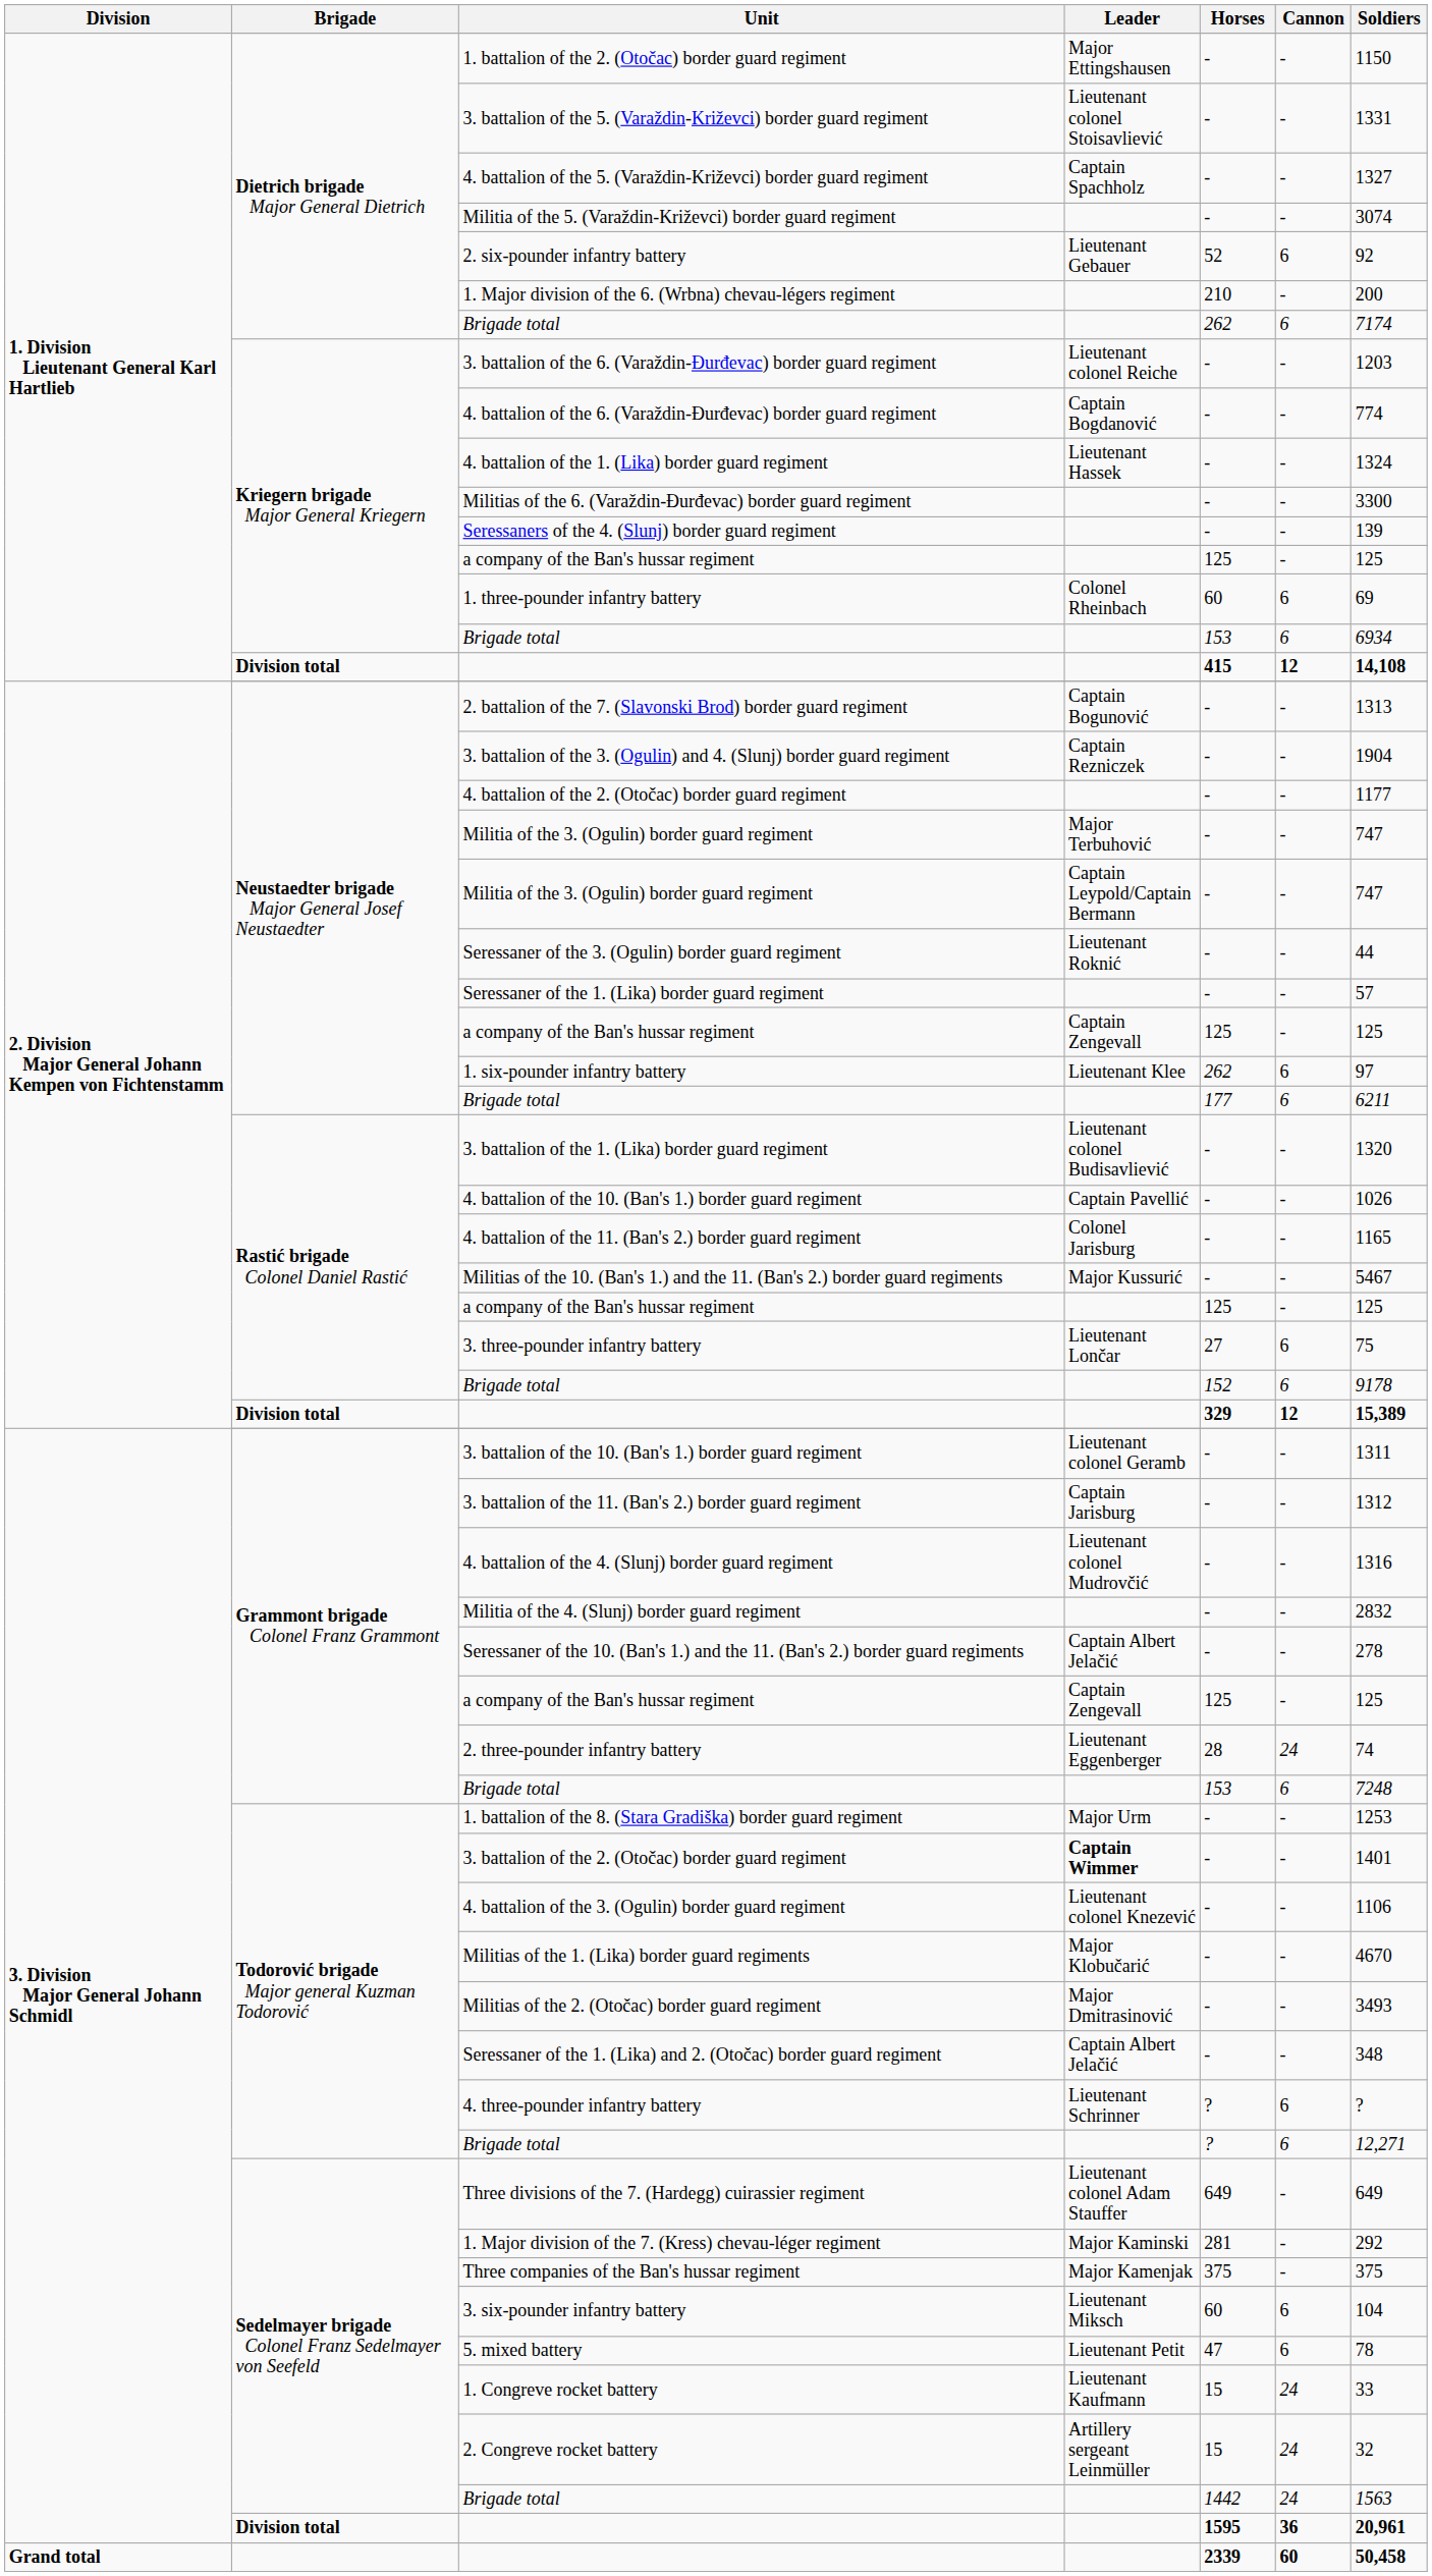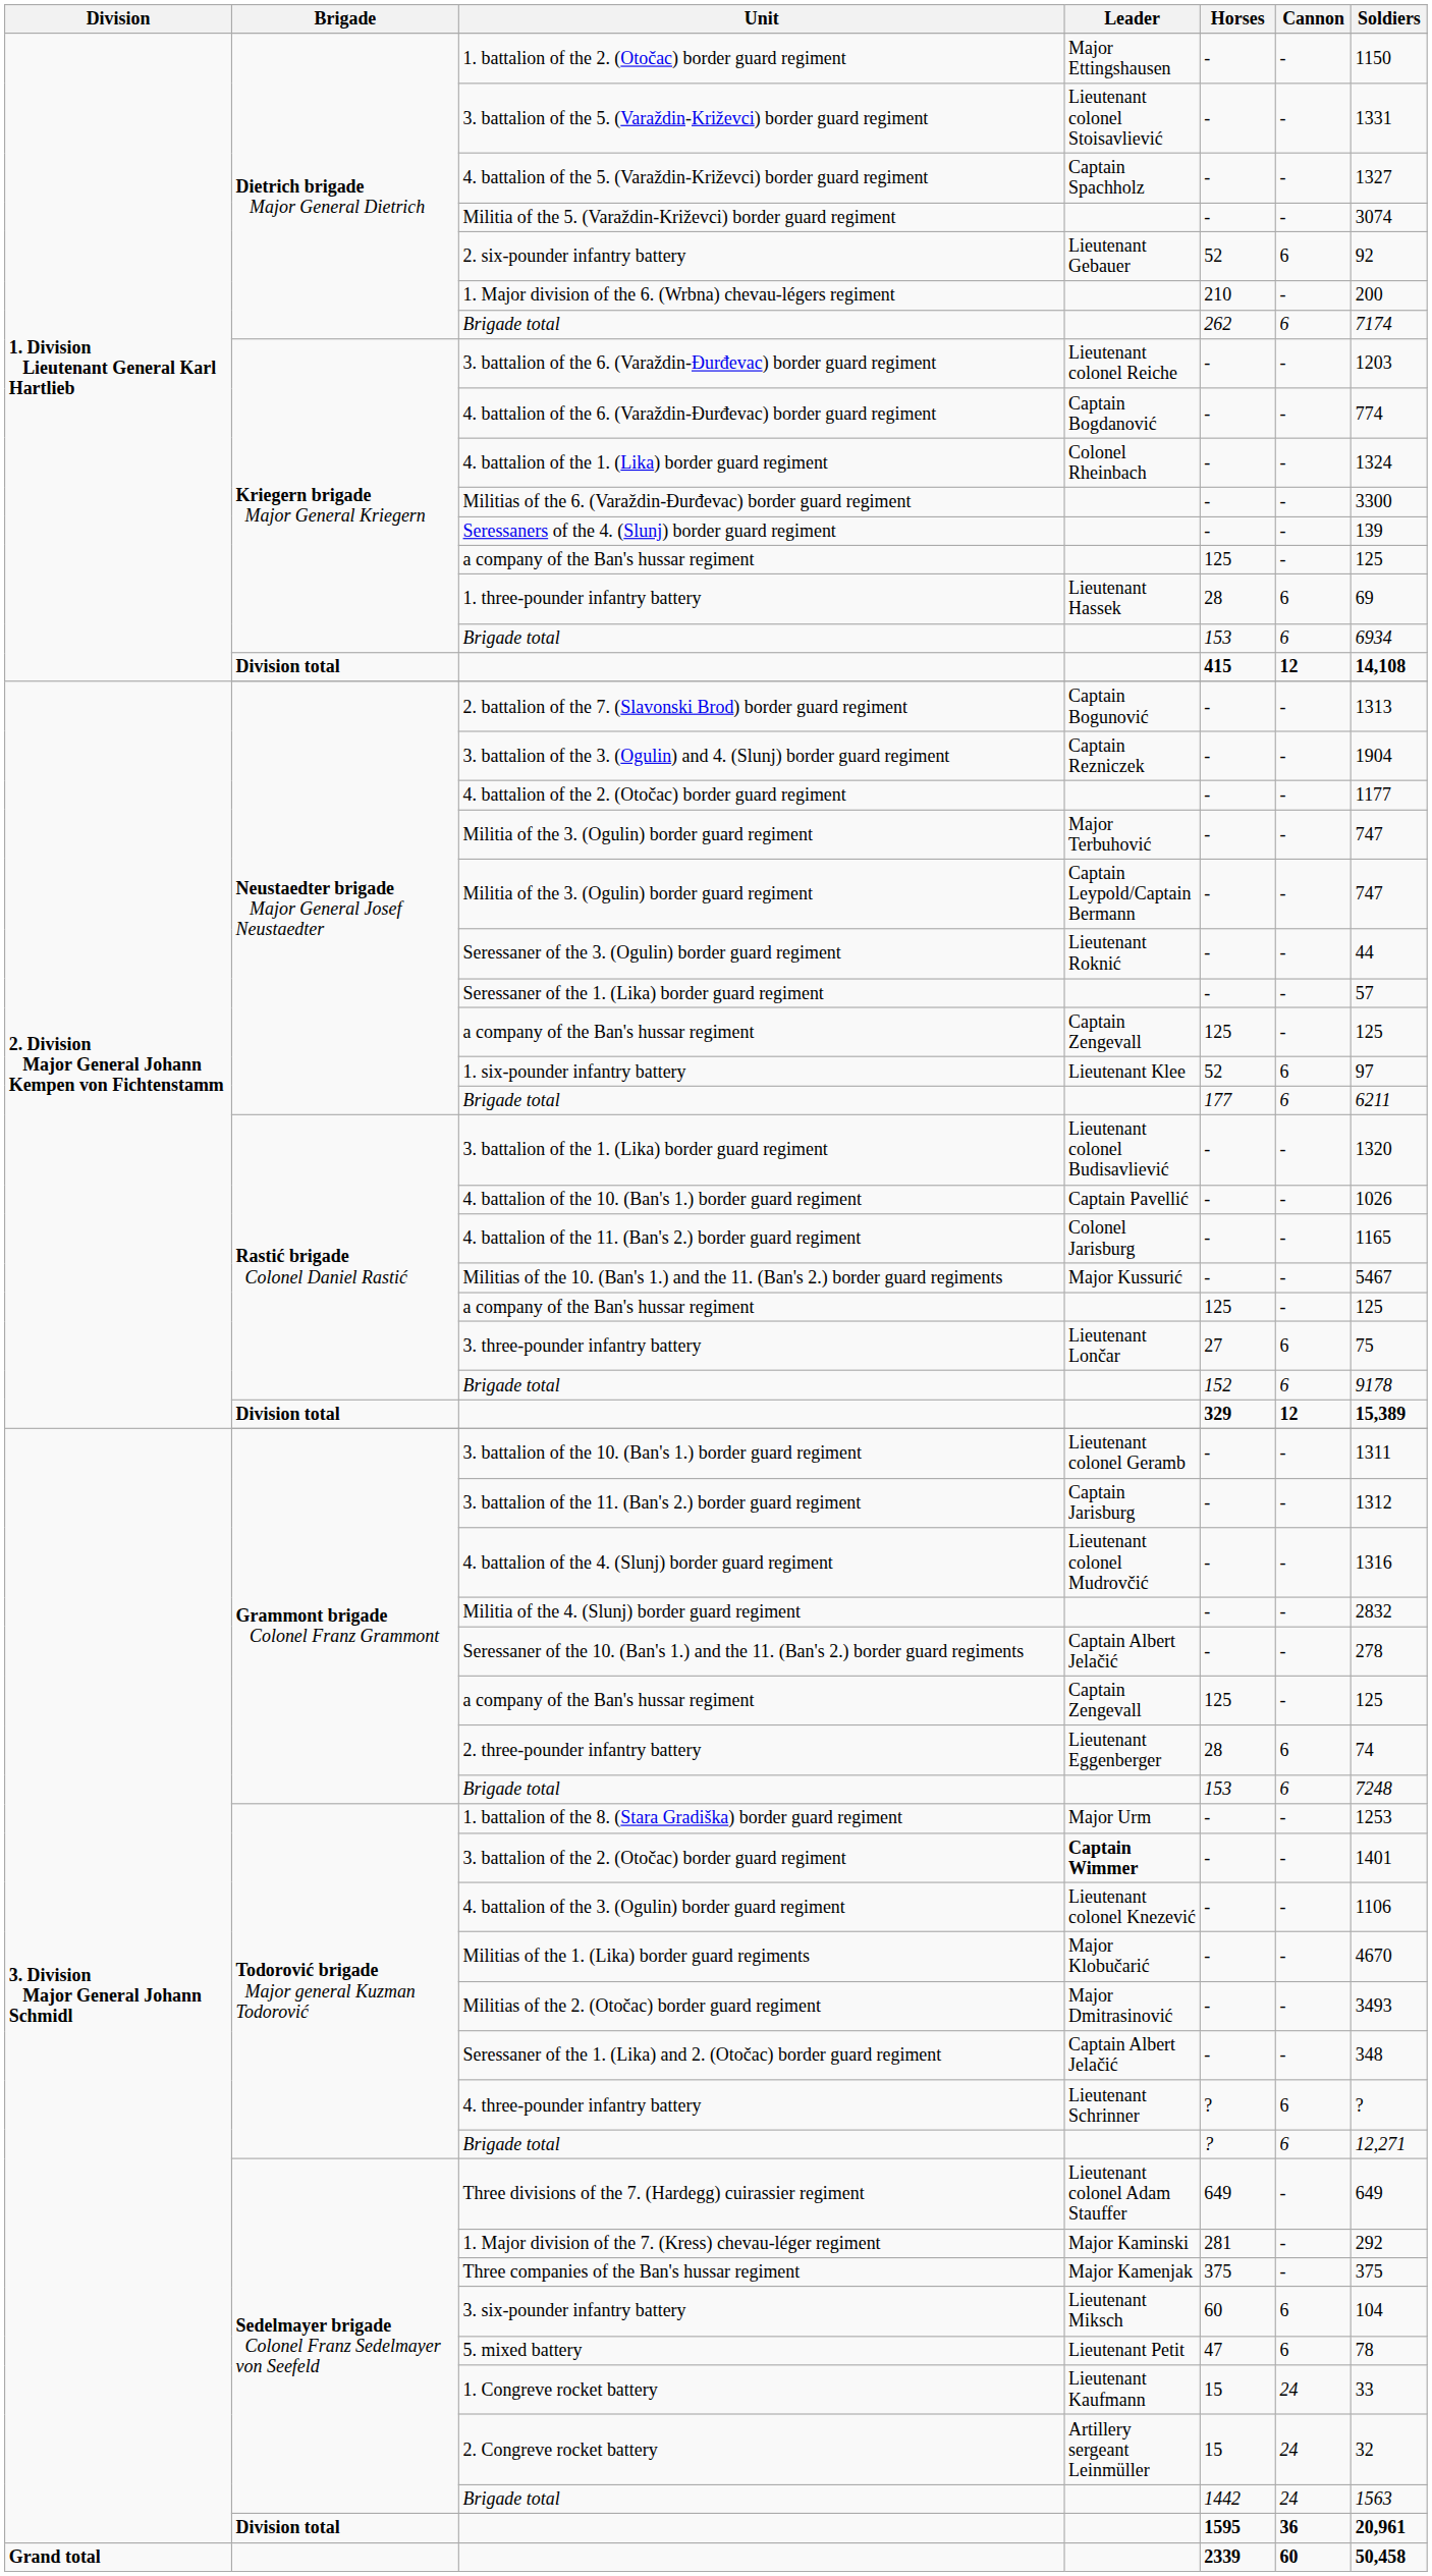 <table class="wikitable">
 <tr>
 <th width=15%>Division</th>
 <th width=15%>Brigade</th>
 <th width=40%>Unit</th>
 <th width=5%>Leader</th>
 <th width=5%>Horses</th>
 <th width=5%>Cannon</th>
 <th width=5%>Soldiers</th>
 </tr>
 <tr>
 <td rowspan=17><br><strong>1. Division</strong> <br>   <strong>Lieutenant General Karl Hartlieb</strong></td>
 </tr>
 <tr>
 <td rowspan=7><br><strong>Dietrich brigade</strong> <br>   <em>Major General Dietrich</em></td>
 <td>1. battalion of the 2. (<a href='#'>Otočac</a>) border guard regiment</td>
 <td>Major Ettingshausen</td>
 <td>-</td>
 <td>-</td>
 <td>1150</td>
 </tr>
 <tr>
 <td>3. battalion of the 5. (<a href='#'>Varaždin</a>-<a href='#'>Križevci</a>) border guard regiment</td>
 <td>Lieutenant colonel Stoisavliević</td>
 <td>-</td>
 <td>-</td>
 <td>1331</td>
 </tr>
 <tr>
 <td>4. battalion of the 5. (Varaždin-Križevci) border guard regiment</td>
 <td>Captain Spachholz</td>
 <td>-</td>
 <td>-</td>
 <td>1327</td>
 </tr>
 <tr>
 <td>Militia of the 5. (Varaždin-Križevci) border guard regiment</td>
 <td></td>
 <td>-</td>
 <td>-</td>
 <td>3074</td>
 </tr>
 <tr>
 <td>2. six-pounder infantry battery</td>
 <td>Lieutenant Gebauer</td>
 <td>52</td>
 <td>6</td>
 <td>92</td>
 </tr>
 <tr>
 <td>1. Major division of the 6. (Wrbna) chevau-légers regiment</td>
 <td></td>
 <td>210</td>
 <td>-</td>
 <td>200</td>
 </tr>
 <tr>
 <td><em>Brigade total</em></td>
 <td></td>
 <td><em>262</em></td>
 <td><em>6</em></td>
 <td><em>7174</em></td>
 </tr>
 <tr>
 <td rowspan=8><br><strong>Kriegern brigade</strong> <br>  <em>Major General Kriegern</em></td>
 <td>3. battalion of the 6. (Varaždin-<a href='#'>Đurđevac</a>) border guard regiment</td>
 <td>Lieutenant colonel Reiche</td>
 <td>-</td>
 <td>-</td>
 <td>1203</td>
 </tr>
 <tr>
 <td>4. battalion of the 6. (Varaždin-Đurđevac) border guard regiment</td>
 <td>Captain Bogdanović</td>
 <td>-</td>
 <td>-</td>
 <td>774</td>
 </tr>
 <tr>
 <td>4. battalion of the 1. (<a href='#'>Lika</a>) border guard regiment</td>
-<td>Lieutenant Hassek</td>
+<td>Colonel Rheinbach</td>
 <td>-</td>
 <td>-</td>
 <td>1324</td>
 </tr>
 <tr>
 <td>Militias of the 6. (Varaždin-Đurđevac) border guard regiment</td>
 <td></td>
 <td>-</td>
 <td>-</td>
 <td>3300</td>
 </tr>
 <tr>
 <td><a href='#'>Seressaners</a> of the 4. (<a href='#'>Slunj</a>) border guard regiment</td>
 <td></td>
 <td>-</td>
 <td>-</td>
 <td>139</td>
 </tr>
 <tr>
 <td>a company of the Ban's hussar regiment</td>
 <td></td>
 <td>125</td>
 <td>-</td>
 <td>125</td>
 </tr>
 <tr>
 <td>1. three-pounder infantry battery</td>
-<td>Colonel Rheinbach</td>
-<td>60</td>
+<td>Lieutenant Hassek</td>
+<td>28</td>
 <td>6</td>
 <td>69</td>
 </tr>
 <tr>
 <td><em>Brigade total</em></td>
 <td></td>
 <td><em>153</em></td>
 <td><em>6</em></td>
 <td><em>6934</em></td>
 </tr>
 <tr>
 <td><strong>Division total</strong></td>
 <td></td>
 <td></td>
 <td><strong>415</strong></td>
 <td><strong>12</strong></td>
 <td><strong>14,108</strong></td>
 </tr>
 <tr>
 <td rowspan=19><br><strong>2. Division</strong> <br>   <strong>Major General Johann Kempen von Fichtenstamm</strong></td>
 </tr>
 <tr>
 <td rowspan=10><br><strong>Neustaedter brigade</strong> <br>   <em>Major General Josef Neustaedter</em></td>
 <td>2. battalion of the 7. (<a href='#'>Slavonski Brod</a>) border guard regiment</td>
 <td>Captain Bogunović</td>
 <td>-</td>
 <td>-</td>
 <td>1313</td>
 </tr>
 <tr>
 <td>3. battalion of the 3. (<a href='#'>Ogulin</a>) and 4. (Slunj) border guard regiment</td>
 <td>Captain Rezniczek</td>
 <td>-</td>
 <td>-</td>
 <td>1904</td>
 </tr>
 <tr>
 <td>4. battalion of the 2. (Otočac) border guard regiment</td>
 <td></td>
 <td>-</td>
 <td>-</td>
 <td>1177</td>
 </tr>
 <tr>
 <td>Militia of the 3. (Ogulin) border guard regiment</td>
 <td>Major Terbuhović</td>
 <td>-</td>
 <td>-</td>
 <td>747</td>
 </tr>
 <tr>
 <td>Militia of the 3. (Ogulin) border guard regiment</td>
 <td>Captain Leypold/Captain Bermann</td>
 <td>-</td>
 <td>-</td>
 <td>747</td>
 </tr>
 <tr>
 <td>Seressaner of the 3. (Ogulin) border guard regiment</td>
 <td>Lieutenant Roknić</td>
 <td>-</td>
 <td>-</td>
 <td>44</td>
 </tr>
 <tr>
 <td>Seressaner of the 1. (Lika) border guard regiment</td>
 <td></td>
 <td>-</td>
 <td>-</td>
 <td>57</td>
 </tr>
 <tr>
 <td>a company of the Ban's hussar regiment</td>
 <td>Captain Zengevall</td>
 <td>125</td>
 <td>-</td>
 <td>125</td>
 </tr>
 <tr>
 <td>1. six-pounder infantry battery</td>
 <td>Lieutenant Klee</td>
-<td><em>262</em></td>
+<td>52</td>
 <td>6</td>
 <td>97</td>
 </tr>
 <tr>
 <td><em>Brigade total</em></td>
 <td></td>
 <td><em>177</em></td>
 <td><em>6</em></td>
 <td><em>6211</em></td>
 </tr>
 <tr>
 <td rowspan=7><br><strong>Rastić brigade</strong> <br>  <em>Colonel Daniel Rastić</em></td>
 <td>3. battalion of the 1. (Lika) border guard regiment</td>
 <td>Lieutenant colonel Budisavliević</td>
 <td>-</td>
 <td>-</td>
 <td>1320</td>
 </tr>
 <tr>
 <td>4. battalion of the 10. (Ban's 1.) border guard regiment</td>
 <td>Captain Pavellić</td>
 <td>-</td>
 <td>-</td>
 <td>1026</td>
 </tr>
 <tr>
 <td>4. battalion of the 11. (Ban's 2.) border guard regiment</td>
 <td>Colonel Jarisburg</td>
 <td>-</td>
 <td>-</td>
 <td>1165</td>
 </tr>
 <tr>
 <td>Militias of the 10. (Ban's 1.) and the 11. (Ban's 2.) border guard regiments</td>
 <td>Major Kussurić</td>
 <td>-</td>
 <td>-</td>
 <td>5467</td>
 </tr>
 <tr>
 <td>a company of the Ban's hussar regiment</td>
 <td></td>
 <td>125</td>
 <td>-</td>
 <td>125</td>
 </tr>
 <tr>
 <td>3. three-pounder infantry battery</td>
 <td>Lieutenant Lončar</td>
 <td>27</td>
 <td>6</td>
 <td>75</td>
 </tr>
 <tr>
 <td><em>Brigade total</em></td>
 <td></td>
 <td><em>152</em></td>
 <td><em>6</em></td>
 <td><em>9178</em></td>
 </tr>
 <tr>
 <td><strong>Division total</strong></td>
 <td></td>
 <td></td>
 <td><strong>329</strong></td>
 <td><strong>12</strong></td>
 <td><strong>15,389</strong></td>
 </tr>
 <tr>
 <td rowspan=26><br><strong>3. Division</strong> <br>   <strong>Major General Johann Schmidl</strong></td>
 </tr>
 <tr>
 <td rowspan=8><br><strong>Grammont brigade</strong> <br>   <em>Colonel Franz Grammont</em></td>
 <td>3. battalion of the 10. (Ban's 1.) border guard regiment</td>
 <td>Lieutenant colonel Geramb</td>
 <td>-</td>
 <td>-</td>
 <td>1311</td>
 </tr>
 <tr>
 <td>3. battalion of the 11. (Ban's 2.) border guard regiment</td>
 <td>Captain Jarisburg</td>
 <td>-</td>
 <td>-</td>
 <td>1312</td>
 </tr>
 <tr>
 <td>4. battalion of the 4. (Slunj) border guard regiment</td>
 <td>Lieutenant colonel Mudrovčić</td>
 <td>-</td>
 <td>-</td>
 <td>1316</td>
 </tr>
 <tr>
 <td>Militia of the 4. (Slunj) border guard regiment</td>
 <td></td>
 <td>-</td>
 <td>-</td>
 <td>2832</td>
 </tr>
 <tr>
 <td>Seressaner of the 10. (Ban's 1.) and the 11. (Ban's 2.) border guard regiments</td>
 <td>Captain Albert Jelačić</td>
 <td>-</td>
 <td>-</td>
 <td>278</td>
 </tr>
 <tr>
 <td>a company of the Ban's hussar regiment</td>
 <td>Captain Zengevall</td>
 <td>125</td>
 <td>-</td>
 <td>125</td>
 </tr>
 <tr>
 <td>2. three-pounder infantry battery</td>
 <td>Lieutenant Eggenberger</td>
 <td>28</td>
-<td><em>24</em></td>
+<td>6</td>
 <td>74</td>
 </tr>
 <tr>
 <td><em>Brigade total</em></td>
 <td></td>
 <td><em>153</em></td>
 <td><em>6</em></td>
 <td><em>7248</em></td>
 </tr>
 <tr>
 <td rowspan=8><br><strong>Todorović brigade</strong> <br>  <em>Major general Kuzman Todorović</em></td>
 <td>1. battalion of the 8. (<a href='#'>Stara Gradiška</a>) border guard regiment</td>
 <td>Major Urm</td>
 <td>-</td>
 <td>-</td>
 <td>1253</td>
 </tr>
 <tr>
 <td>3. battalion of the 2. (Otočac) border guard regiment</td>
 <td><strong>Captain Wimmer</strong></td>
 <td>-</td>
 <td>-</td>
 <td>1401</td>
 </tr>
 <tr>
 <td>4. battalion of the 3. (Ogulin) border guard regiment</td>
 <td>Lieutenant colonel Knezević</td>
 <td>-</td>
 <td>-</td>
 <td>1106</td>
 </tr>
 <tr>
 <td>Militias of the 1. (Lika) border guard regiments</td>
 <td>Major Klobučarić</td>
 <td>-</td>
 <td>-</td>
 <td>4670</td>
 </tr>
 <tr>
 <td>Militias of the 2. (Otočac) border guard regiment</td>
 <td>Major Dmitrasinović</td>
 <td>-</td>
 <td>-</td>
 <td>3493</td>
 </tr>
 <tr>
 <td>Seressaner of the 1. (Lika) and 2. (Otočac) border guard regiment</td>
 <td>Captain Albert Jelačić</td>
 <td>-</td>
 <td>-</td>
 <td>348</td>
 </tr>
 <tr>
 <td>4. three-pounder infantry battery</td>
 <td>Lieutenant Schrinner</td>
 <td>?</td>
 <td>6</td>
 <td>?</td>
 </tr>
 <tr>
 <td><em>Brigade total</em></td>
 <td></td>
 <td><em>?</em></td>
 <td><em>6</em></td>
 <td><em>12,271</em></td>
 </tr>
 <tr>
 <td rowspan=8><br><strong>Sedelmayer brigade</strong> <br>  <em>Colonel Franz Sedelmayer von Seefeld</em></td>
 <td>Three divisions of the 7. (Hardegg) cuirassier regiment</td>
 <td>Lieutenant colonel Adam Stauffer</td>
 <td>649</td>
 <td>-</td>
 <td>649</td>
 </tr>
 <tr>
 <td>1. Major division of the 7. (Kress) chevau-léger regiment</td>
 <td>Major Kaminski</td>
 <td>281</td>
 <td>-</td>
 <td>292</td>
 </tr>
 <tr>
 <td>Three companies of the Ban's hussar regiment</td>
 <td>Major Kamenjak</td>
 <td>375</td>
 <td>-</td>
 <td>375</td>
 </tr>
 <tr>
 <td>3. six-pounder infantry battery</td>
 <td>Lieutenant Miksch</td>
 <td>60</td>
 <td>6</td>
 <td>104</td>
 </tr>
 <tr>
 <td>5. mixed battery</td>
 <td>Lieutenant Petit</td>
 <td>47</td>
 <td>6</td>
 <td>78</td>
 </tr>
 <tr>
 <td>1. Congreve rocket battery</td>
 <td>Lieutenant Kaufmann</td>
 <td>15</td>
 <td><em>24</em></td>
 <td>33</td>
 </tr>
 <tr>
 <td>2. Congreve rocket battery</td>
 <td>Artillery sergeant Leinmüller</td>
 <td>15</td>
 <td><em>24</em></td>
 <td>32</td>
 </tr>
 <tr>
 <td><em>Brigade total</em></td>
 <td></td>
 <td><em>1442</em></td>
 <td><em>24</em></td>
 <td><em>1563</em></td>
 </tr>
 <tr>
 <td><strong>Division total</strong></td>
 <td></td>
 <td></td>
 <td><strong>1595</strong></td>
 <td><strong>36</strong></td>
 <td><strong>20,961</strong></td>
 </tr>
 <tr>
 <td><strong>Grand total</strong></td>
 <td></td>
 <td></td>
 <td></td>
 <td><strong>2339</strong></td>
 <td><strong>60</strong></td>
 <td><strong>50,458</strong></td>
 </tr>
 </table>
